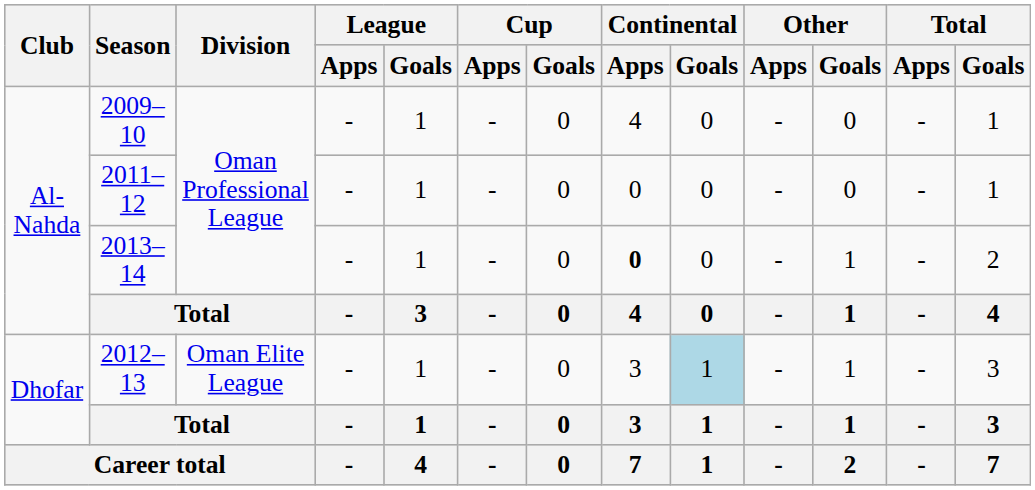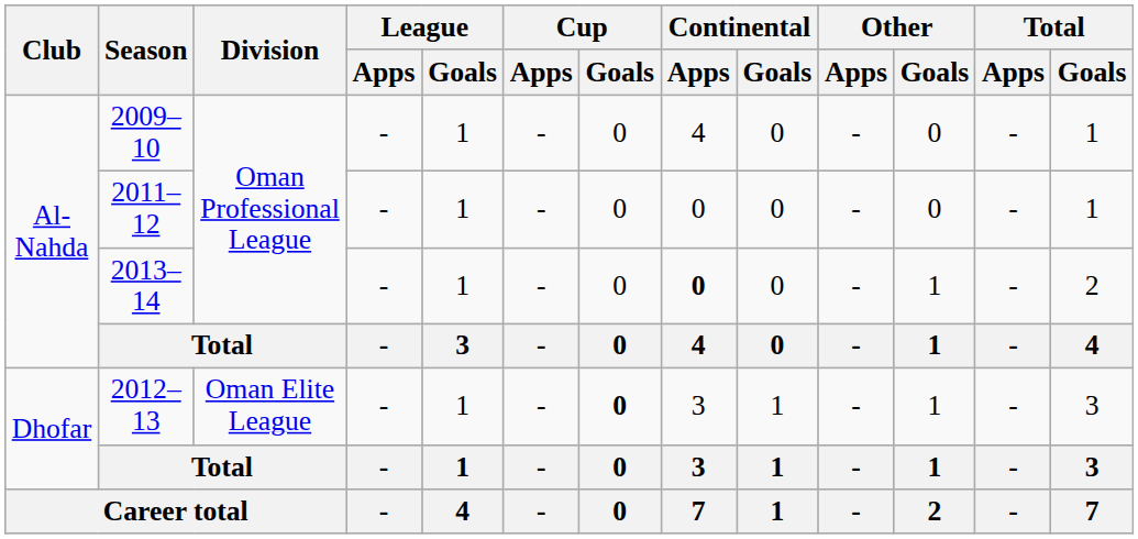 <table class="wikitable" style="text-align: center;">
 <tr>
 <th rowspan="2">Club</th>
 <th rowspan="2">Season</th>
 <th rowspan="2">Division</th>
 <th colspan="2">League</th>
 <th colspan="2">Cup</th>
 <th colspan="2">Continental</th>
 <th colspan="2">Other</th>
 <th colspan="2">Total</th>
 </tr>
 <tr>
 <th>Apps</th>
 <th>Goals</th>
 <th>Apps</th>
 <th>Goals</th>
 <th>Apps</th>
 <th>Goals</th>
 <th>Apps</th>
 <th>Goals</th>
 <th>Apps</th>
 <th>Goals</th>
 </tr>
 <tr>
 <td rowspan="4"><a href='#'>Al-Nahda</a></td>
 <td><a href='#'>2009–10</a></td>
 <td rowspan="3"><a href='#'>Oman Professional League</a></td>
 <td>-</td>
 <td>1</td>
 <td>-</td>
 <td>0</td>
 <td>4</td>
 <td>0</td>
 <td>-</td>
 <td>0</td>
 <td>-</td>
 <td>1</td>
 </tr>
 <tr>
 <td><a href='#'>2011–12</a></td>
 <td>-</td>
 <td>1</td>
 <td>-</td>
 <td>0</td>
 <td>0</td>
 <td>0</td>
 <td>-</td>
 <td>0</td>
 <td>-</td>
 <td>1</td>
 </tr>
 <tr>
 <td><a href='#'>2013–14</a></td>
 <td>-</td>
 <td>1</td>
 <td>-</td>
 <td>0</td>
 <td><strong>0</strong></td>
 <td>0</td>
 <td>-</td>
 <td>1</td>
 <td>-</td>
 <td>2</td>
 </tr>
 <tr>
 <th colspan="2">Total</th>
 <th>-</th>
 <th>3</th>
 <th>-</th>
 <th>0</th>
 <th>4</th>
 <th>0</th>
 <th>-</th>
 <th>1</th>
 <th>-</th>
 <th>4</th>
 </tr>
 <tr>
 <td rowspan="2"><a href='#'>Dhofar</a></td>
 <td><a href='#'>2012–13</a></td>
 <td rowspan="1"><a href='#'>Oman Elite League</a></td>
 <td>-</td>
 <td>1</td>
 <td>-</td>
-<td>0</td>
+<td><strong>0</strong></td>
 <td>3</td>
-<td style="background: lightblue;">1</td>
+<td>1</td>
 <td>-</td>
 <td>1</td>
 <td>-</td>
 <td>3</td>
 </tr>
 <tr>
 <th colspan="2">Total</th>
 <th>-</th>
 <th>1</th>
 <th>-</th>
 <th>0</th>
 <th>3</th>
 <th>1</th>
 <th>-</th>
 <th>1</th>
 <th>-</th>
 <th>3</th>
 </tr>
 <tr>
 <th colspan="3">Career total</th>
 <th>-</th>
 <th>4</th>
 <th>-</th>
 <th>0</th>
 <th>7</th>
 <th>1</th>
 <th>-</th>
 <th>2</th>
 <th>-</th>
 <th>7</th>
 </tr>
 </table>
